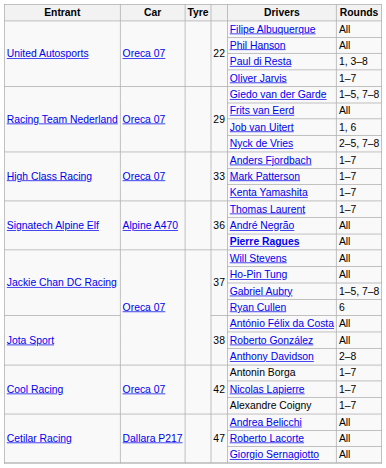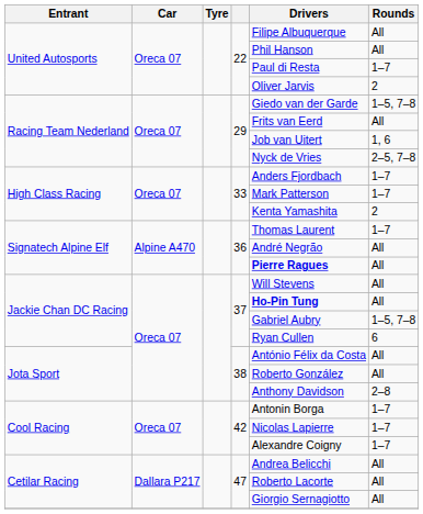 <table class="wikitable" style="font-size: 90%">
 <tr>
 <th>Entrant</th>
 <th>Car</th>
 <th>Tyre</th>
 <th></th>
 <th>Drivers</th>
 <th>Rounds</th>
 </tr>
 <tr>
 <td rowspan=4> <a href='#'>United Autosports</a></td>
 <td rowspan=4><a href='#'>Oreca 07</a></td>
 <td rowspan=4></td>
 <td rowspan=4>22</td>
 <td> <a href='#'>Filipe Albuquerque</a></td>
 <td>All</td>
 </tr>
 <tr>
 <td> <a href='#'>Phil Hanson</a></td>
 <td>All</td>
 </tr>
 <tr>
 <td> <a href='#'>Paul di Resta</a></td>
-<td>1, 3–8</td>
+<td>1–7</td>
 </tr>
 <tr>
 <td> <a href='#'>Oliver Jarvis</a></td>
-<td>1–7</td>
+<td>2</td>
 </tr>
 <tr>
 <td rowspan=4> <a href='#'>Racing Team Nederland</a></td>
 <td rowspan=4><a href='#'>Oreca 07</a></td>
 <td rowspan=4></td>
 <td rowspan=4>29</td>
 <td> <a href='#'>Giedo van der Garde</a></td>
 <td>1–5, 7–8</td>
 </tr>
 <tr>
 <td> <a href='#'>Frits van Eerd</a></td>
 <td>All</td>
 </tr>
 <tr>
 <td> <a href='#'>Job van Uitert</a></td>
 <td>1, 6</td>
 </tr>
 <tr>
 <td> <a href='#'>Nyck de Vries</a></td>
 <td>2–5, 7–8</td>
 </tr>
 <tr>
 <td rowspan=3> <a href='#'>High Class Racing</a></td>
 <td rowspan=3><a href='#'>Oreca 07</a></td>
 <td rowspan=3><br></td>
 <td rowspan=3>33</td>
 <td> <a href='#'>Anders Fjordbach</a></td>
 <td>1–7</td>
 </tr>
 <tr>
 <td> <a href='#'>Mark Patterson</a></td>
 <td>1–7</td>
 </tr>
 <tr>
 <td> <a href='#'>Kenta Yamashita</a></td>
-<td>1–7</td>
+<td>2</td>
 </tr>
 <tr>
 <td rowspan=3> <a href='#'>Signatech Alpine Elf</a></td>
 <td rowspan=3><a href='#'>Alpine A470</a></td>
 <td rowspan=3></td>
 <td rowspan=3>36</td>
 <td> <a href='#'>Thomas Laurent</a></td>
 <td>1–7</td>
 </tr>
 <tr>
 <td> <a href='#'>André Negrão</a></td>
 <td>All</td>
 </tr>
 <tr>
 <td><strong> <a href='#'>Pierre Ragues</a></strong></td>
 <td>All</td>
 </tr>
 <tr>
 <td rowspan=4> <a href='#'>Jackie Chan DC Racing</a></td>
 <td rowspan=7><a href='#'>Oreca 07</a></td>
 <td rowspan=7></td>
 <td rowspan=4>37</td>
 <td> <a href='#'>Will Stevens</a></td>
 <td>All</td>
 </tr>
 <tr>
-<td> <a href='#'>Ho-Pin Tung</a></td>
+<td><strong> <a href='#'>Ho-Pin Tung</a></strong></td>
 <td>All</td>
 </tr>
 <tr>
 <td> <a href='#'>Gabriel Aubry</a></td>
 <td>1–5, 7–8</td>
 </tr>
 <tr>
 <td> <a href='#'>Ryan Cullen</a></td>
 <td>6</td>
 </tr>
 <tr>
 <td rowspan=3> <a href='#'>Jota Sport</a></td>
 <td rowspan=3>38</td>
 <td> <a href='#'>António Félix da Costa</a></td>
 <td>All</td>
 </tr>
 <tr>
 <td> <a href='#'>Roberto González</a></td>
 <td>All</td>
 </tr>
 <tr>
 <td> <a href='#'>Anthony Davidson</a></td>
 <td>2–8</td>
 </tr>
 <tr>
 <td rowspan=3> <a href='#'>Cool Racing</a></td>
 <td rowspan=3><a href='#'>Oreca 07</a></td>
 <td rowspan=3></td>
 <td rowspan=3>42</td>
 <td> Antonin Borga</td>
 <td>1–7</td>
 </tr>
 <tr>
 <td> <a href='#'>Nicolas Lapierre</a></td>
 <td>1–7</td>
 </tr>
 <tr>
 <td> Alexandre Coigny</td>
 <td>1–7</td>
 </tr>
 <tr>
 <td rowspan=3> <a href='#'>Cetilar Racing</a></td>
 <td rowspan=3><a href='#'>Dallara P217</a></td>
 <td rowspan=3></td>
 <td rowspan=3>47</td>
 <td> <a href='#'>Andrea Belicchi</a></td>
 <td>All</td>
 </tr>
 <tr>
 <td> <a href='#'>Roberto Lacorte</a></td>
 <td>All</td>
 </tr>
 <tr>
 <td> <a href='#'>Giorgio Sernagiotto</a></td>
 <td>All</td>
 </tr>
 <tr>
 </tr>
 </table>
